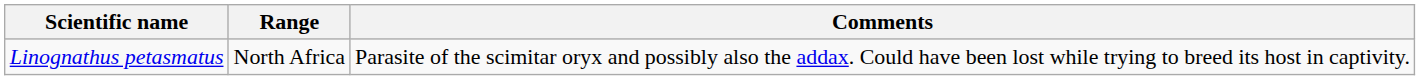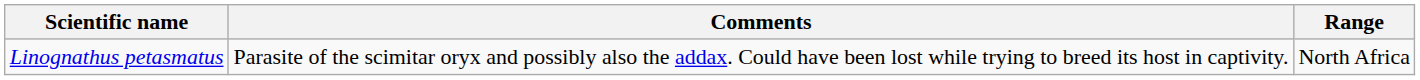 <table class="wikitable">
 <tr>
 <th>Scientific name</th>
+<th class="unsortable">Comments</th>
 <th>Range</th>
-<th class="unsortable">Comments</th>
 </tr>
 <tr>
 <td><em><a href='#'>Linognathus petasmatus</a></em></td>
+<td>Parasite of the scimitar oryx and possibly also the <a href='#'>addax</a>. Could have been lost while trying to breed its host in captivity.</td>
 <td>North Africa</td>
-<td>Parasite of the scimitar oryx and possibly also the <a href='#'>addax</a>. Could have been lost while trying to breed its host in captivity.</td>
 </tr>
 </table>
